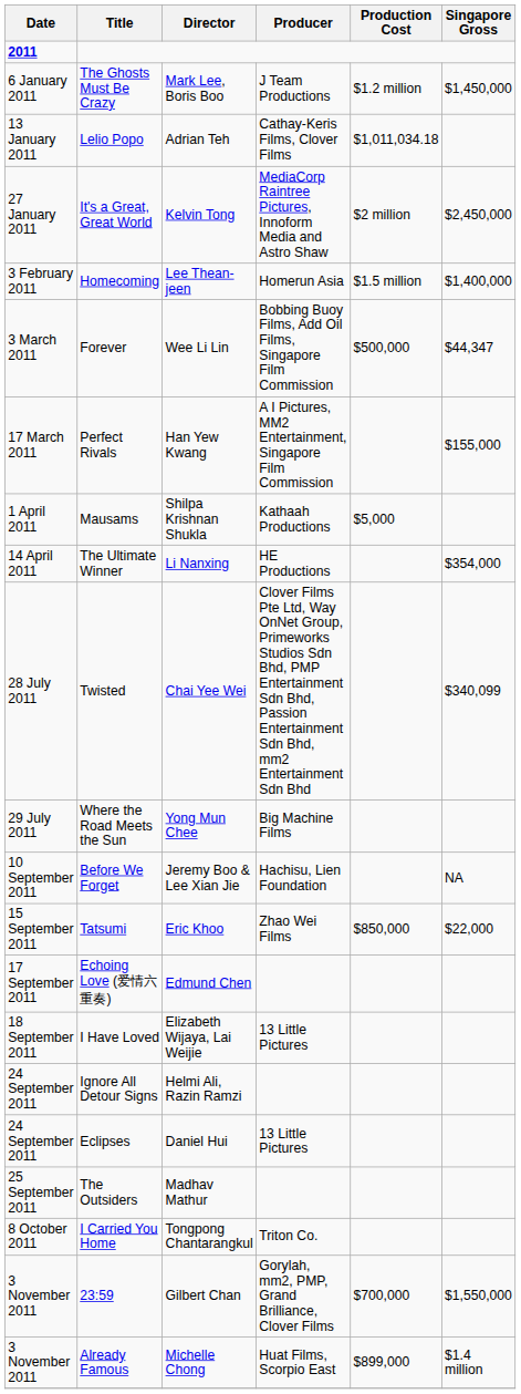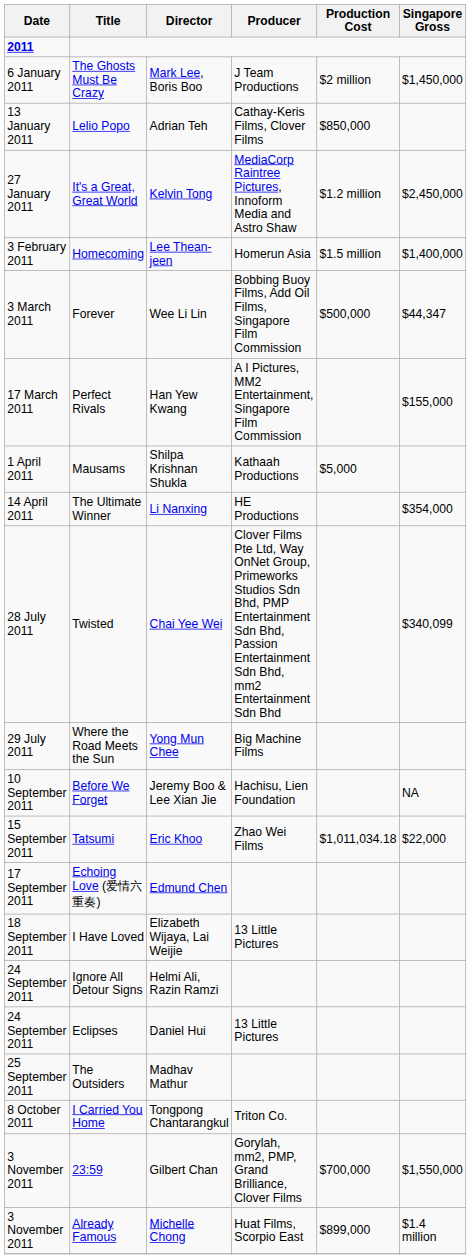 <table class="wikitable sortable">
 <tr>
 <th>Date</th>
 <th>Title</th>
 <th>Director</th>
 <th>Producer</th>
 <th>Production<br> Cost</th>
 <th>Singapore<br> Gross</th>
 </tr>
 <tr>
 <td><strong><a href='#'>2011</a></strong></td>
 </tr>
 <tr>
 <td>6 January 2011</td>
 <td><a href='#'>The Ghosts Must Be Crazy</a></td>
 <td><a href='#'>Mark Lee</a>, Boris Boo</td>
 <td>J Team Productions</td>
-<td>$1.2 million</td>
+<td>$2 million</td>
 <td>$1,450,000</td>
 </tr>
 <tr>
 <td>13 January 2011</td>
 <td><a href='#'>Lelio Popo</a></td>
 <td>Adrian Teh</td>
 <td>Cathay-Keris Films, Clover Films</td>
-<td>$1,011,034.18</td>
+<td>$850,000</td>
 <td></td>
 </tr>
 <tr>
 <td>27 January 2011</td>
 <td><a href='#'>It's a Great, Great World</a></td>
 <td><a href='#'>Kelvin Tong</a></td>
 <td><a href='#'>MediaCorp Raintree Pictures</a>, Innoform Media and Astro Shaw</td>
-<td>$2 million</td>
+<td>$1.2 million</td>
 <td>$2,450,000</td>
 </tr>
 <tr>
 <td>3 February 2011</td>
 <td><a href='#'>Homecoming</a></td>
 <td><a href='#'>Lee Thean-jeen</a></td>
 <td>Homerun Asia</td>
 <td>$1.5 million</td>
 <td>$1,400,000</td>
 </tr>
 <tr>
 <td>3 March 2011</td>
 <td>Forever</td>
 <td>Wee Li Lin</td>
 <td>Bobbing Buoy Films, Add Oil Films, Singapore Film Commission</td>
 <td>$500,000</td>
 <td>$44,347</td>
 </tr>
 <tr>
 <td>17 March 2011</td>
 <td>Perfect Rivals</td>
 <td>Han Yew Kwang</td>
 <td>A I Pictures, MM2 Entertainment, Singapore Film Commission</td>
 <td></td>
 <td>$155,000</td>
 </tr>
 <tr>
 <td>1 April 2011</td>
 <td>Mausams</td>
 <td>Shilpa Krishnan Shukla</td>
 <td>Kathaah Productions</td>
 <td>$5,000</td>
 <td></td>
 </tr>
 <tr>
 <td>14 April 2011</td>
 <td>The Ultimate Winner</td>
 <td><a href='#'>Li Nanxing</a></td>
 <td>HE Productions</td>
 <td></td>
 <td>$354,000</td>
 </tr>
 <tr>
 <td>28 July 2011</td>
 <td>Twisted</td>
 <td><a href='#'>Chai Yee Wei</a></td>
 <td>Clover Films Pte Ltd, Way OnNet Group, Primeworks Studios Sdn Bhd, PMP Entertainment Sdn Bhd, Passion Entertainment Sdn Bhd, mm2 Entertainment Sdn Bhd</td>
 <td></td>
 <td>$340,099</td>
 </tr>
 <tr>
 <td>29 July 2011</td>
 <td>Where the Road Meets the Sun</td>
 <td><a href='#'>Yong Mun Chee</a></td>
 <td>Big Machine Films</td>
 <td></td>
 <td></td>
 </tr>
 <tr>
 <td>10 September 2011</td>
 <td><a href='#'>Before We Forget</a></td>
 <td>Jeremy Boo & Lee Xian Jie</td>
 <td>Hachisu, Lien Foundation</td>
 <td></td>
 <td>NA</td>
 </tr>
 <tr>
 <td>15 September 2011</td>
 <td><a href='#'>Tatsumi</a></td>
 <td><a href='#'>Eric Khoo</a></td>
 <td>Zhao Wei Films</td>
-<td>$850,000</td>
+<td>$1,011,034.18</td>
 <td>$22,000</td>
 </tr>
 <tr>
 <td>17 September 2011</td>
 <td><a href='#'>Echoing Love</a> (爱情六重奏)</td>
 <td><a href='#'>Edmund Chen</a></td>
 <td></td>
 <td></td>
 <td></td>
 </tr>
 <tr>
 <td>18 September 2011</td>
 <td>I Have Loved</td>
 <td>Elizabeth Wijaya, Lai Weijie</td>
 <td>13 Little Pictures</td>
 <td></td>
 <td></td>
 </tr>
 <tr>
 <td>24 September 2011</td>
 <td>Ignore All Detour Signs</td>
 <td>Helmi Ali, Razin Ramzi</td>
 <td></td>
 <td></td>
 <td></td>
 </tr>
 <tr>
 <td>24 September 2011</td>
 <td>Eclipses</td>
 <td>Daniel Hui</td>
 <td>13 Little Pictures</td>
 <td></td>
 <td></td>
 </tr>
 <tr>
 <td>25 September 2011</td>
 <td>The Outsiders</td>
 <td>Madhav Mathur</td>
 <td></td>
 <td></td>
 <td></td>
 </tr>
 <tr>
 <td>8 October 2011</td>
 <td><a href='#'>I Carried You Home</a></td>
 <td>Tongpong Chantarangkul</td>
 <td>Triton Co.</td>
 <td></td>
 <td></td>
 </tr>
 <tr>
 <td>3 November 2011</td>
 <td><a href='#'>23:59</a></td>
 <td>Gilbert Chan</td>
 <td>Gorylah, mm2, PMP, Grand Brilliance, Clover Films</td>
 <td>$700,000</td>
 <td>$1,550,000</td>
 </tr>
 <tr>
 <td>3 November 2011</td>
 <td><a href='#'>Already Famous</a></td>
 <td><a href='#'>Michelle Chong</a></td>
 <td>Huat Films, Scorpio East</td>
 <td>$899,000</td>
 <td>$1.4 million</td>
 </tr>
 <tr>
 </tr>
 </table>
